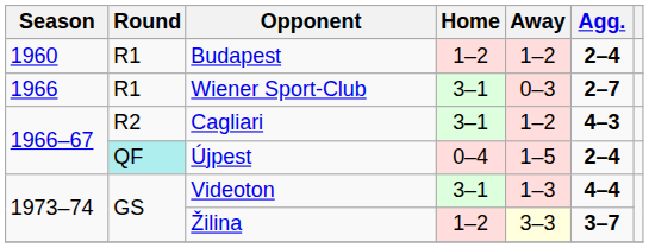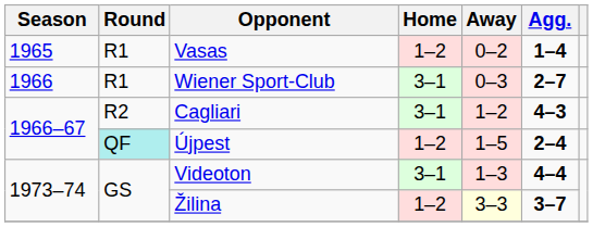 <table class="wikitable">
 <tr>
 <th width="70">Season</th>
 <th width="50">Round</th>
 <th width="180">Opponent</th>
 <th width="40">Home</th>
 <th width="40">Away</th>
 <th width="40"><a href='#'>Agg.</a></th>
 <th></th>
 </tr>
 <tr>
-<td><a href='#'>1960</a></td>
+<td><a href='#'>1965</a></td>
 <td>R1</td>
-<td> <a href='#'>Budapest</a></td>
+<td> <a href='#'>Vasas</a></td>
 <td style="text-align:center; background:#fdd;">1–2</td>
-<td style="text-align:center; background:#fdd;">1–2</td>
-<td style="text-align:center;"><strong>2–4</strong></td>
+<td style="text-align:center; background:#fdd;">0–2</td>
+<td style="text-align:center;"><strong>1–4</strong></td>
 <td></td>
 </tr>
 <tr>
 <td><a href='#'>1966</a></td>
 <td>R1</td>
 <td> <a href='#'>Wiener Sport-Club</a></td>
 <td style="text-align:center; background:#dfd;">3–1</td>
 <td style="text-align:center; background:#fdd;">0–3</td>
 <td style="text-align:center;"><strong>2–7</strong></td>
 <td></td>
 </tr>
 <tr>
 <td rowspan="2"><a href='#'>1966–67</a></td>
 <td>R2</td>
 <td> <a href='#'>Cagliari</a></td>
 <td style="text-align:center; background:#dfd;">3–1</td>
 <td style="text-align:center; background:#fdd;">1–2</td>
 <td style="text-align:center;"><strong>4–3</strong></td>
 <td></td>
 </tr>
 <tr>
 <td style="background: paleturquoise;">QF</td>
 <td> <a href='#'>Újpest</a></td>
-<td style="text-align:center; background:#fdd;">0–4</td>
+<td style="text-align:center; background:#fdd;">1–2</td>
 <td style="text-align:center; background:#fdd;">1–5</td>
 <td style="text-align:center;"><strong>2–4</strong></td>
 <td></td>
 </tr>
 <tr>
 <td rowspan="2">1973–74</td>
 <td rowspan="2">GS</td>
 <td> <a href='#'>Videoton</a></td>
 <td style="text-align:center; background:#dfd;">3–1</td>
 <td style="text-align:center; background:#fdd;">1–3</td>
 <td style="text-align:center;"><strong>4–4</strong></td>
 <td rowspan=2></td>
 </tr>
 <tr>
 <td> <a href='#'>Žilina</a></td>
 <td style="text-align:center; background:#fdd;">1–2</td>
 <td style="text-align:center; background:#ffd;">3–3</td>
 <td style="text-align:center;"><strong>3–7</strong></td>
 </tr>
 <tr>
 </tr>
 </table>
